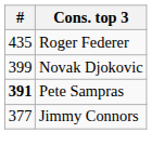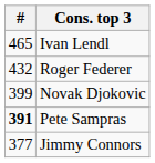 <table class="wikitable" style="display:inline-table;">
 <tr>
 <th>#</th>
 <th>Cons. top 3</th>
 </tr>
 <tr>
-<td>435</td>
+<td>465</td>
+<td> Ivan Lendl</td>
+</tr>
+<tr>
+<td>432</td>
 <td> Roger Federer</td>
 </tr>
 <tr>
 <td>399</td>
 <td> Novak Djokovic</td>
 </tr>
 <tr>
 <td><strong>391</strong></td>
 <td> Pete Sampras</td>
 </tr>
 <tr>
 <td>377</td>
 <td> Jimmy Connors</td>
 </tr>
 </table>
